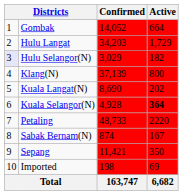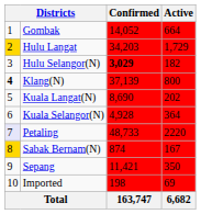 <table class="wikitable sortable mw-collapsible mw-collapsed">
 <tr>
 <th colspan="2"><a href='#'>Districts</a></th>
 <th>Confirmed</th>
 <th>Active</th>
 </tr>
 <tr>
 <td>1</td>
 <td><a href='#'>Gombak</a></td>
 <td style="background: red;">14,052</td>
 <td style="background: red;">664</td>
 </tr>
 <tr>
-<td>2</td>
+<td style="background: gold;">2</td>
 <td><a href='#'>Hulu Langat</a></td>
 <td style="background: red;">34,203</td>
 <td style="background: red;">1,729</td>
 </tr>
 <tr>
-<td style="background: lavender;">3</td>
+<td>3</td>
 <td><a href='#'>Hulu Selangor</a>(N)</td>
-<td style="background: red;">3,029</td>
+<td style="background: red;"><strong>3,029</strong></td>
 <td style="background: red;">182</td>
 </tr>
 <tr>
-<td>4</td>
+<td><strong>4</strong></td>
 <td><a href='#'>Klang</a>(N)</td>
 <td style="background: red;">37,139</td>
 <td style="background: red;">800</td>
 </tr>
 <tr>
 <td>5</td>
 <td><a href='#'>Kuala Langat</a>(N)</td>
 <td style="background: red;">8,690</td>
 <td style="background: red;">202</td>
 </tr>
 <tr>
 <td>6</td>
 <td><a href='#'>Kuala Selangor</a>(N)</td>
 <td style="background: red;">4,928</td>
-<td style="background: red;"><strong>364</strong></td>
+<td style="background: red;">364</td>
 </tr>
 <tr>
-<td>7</td>
+<td style="background: lavender;">7</td>
 <td><a href='#'>Petaling</a></td>
 <td style="background: red;">48,733</td>
 <td style="background: red;">2220</td>
 </tr>
 <tr>
-<td>8</td>
+<td style="background: gold;">8</td>
 <td><a href='#'>Sabak Bernam</a>(N)</td>
 <td style="background: red;">874</td>
 <td style="background: red;">167</td>
 </tr>
 <tr>
 <td>9</td>
 <td><a href='#'>Sepang</a></td>
 <td style="background: red;">11,421</td>
 <td style="background: red;">350</td>
 </tr>
 <tr>
 <td>10</td>
 <td>Imported</td>
 <td style="background: red;">198</td>
 <td style="background: red;">69</td>
 </tr>
 <tr>
 <th colspan="2">Total</th>
 <th>163,747</th>
 <th>6,682</th>
 </tr>
 </table>
